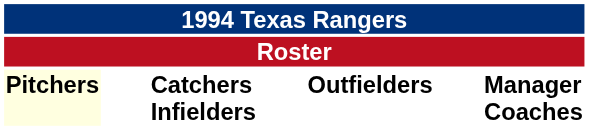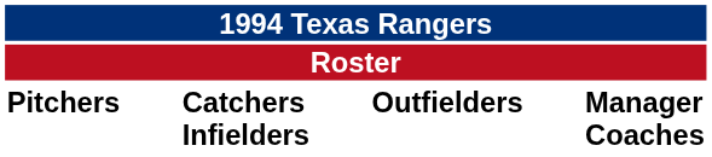 <table class="toccolours" style="font-size: 95%;">
 <tr>
 <th colspan="10" style="background-color: #003279; color: #FFFFFF; text-align: center;">1994 Texas Rangers</th>
 </tr>
 <tr>
 <td colspan="10" style="background-color: #bd1021; color: white; text-align: center;"><strong>Roster</strong></td>
 </tr>
 <tr>
-<td valign="top" style="background: lightyellow;"><strong>Pitchers</strong><br>                     </td>
+<td valign="top"><strong>Pitchers</strong><br>                     </td>
 <td width="25px"></td>
 <td valign="top"><strong>Catchers</strong><br>  <strong>Infielders</strong>        </td>
 <td width="25px"></td>
 <td valign="top"><strong>Outfielders</strong><br>        </td>
 <td width="25px"></td>
 <td valign="top"><strong>Manager</strong><br> <strong>Coaches</strong>      </td>
 </tr>
 </table>
